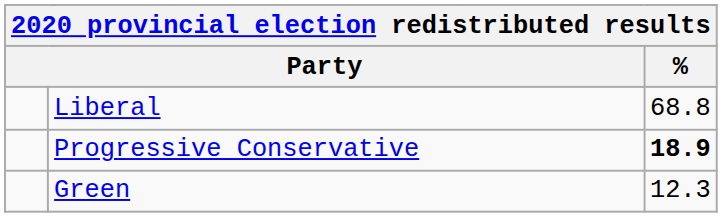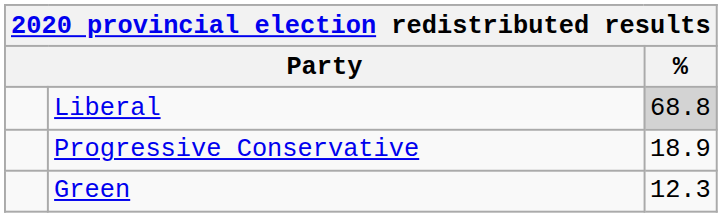 <table class="wikitable">
 <tr>
 <th colspan="4"><a href='#'>2020 provincial election</a> redistributed results</th>
 </tr>
 <tr>
 <th bgcolor="#DDDDFF" width="130px" colspan="2">Party</th>
 <th bgcolor="#DDDDFF" width="30px">%</th>
 </tr>
 <tr>
 <td> </td>
 <td><a href='#'>Liberal</a></td>
-<td align=right>68.8</td>
+<td align=right style="background: lightgrey;">68.8</td>
 </tr>
 <tr>
 <td> </td>
 <td><a href='#'>Progressive Conservative</a></td>
-<td align=right><strong>18.9</strong></td>
+<td align=right>18.9</td>
 </tr>
 <tr>
 <td> </td>
 <td><a href='#'>Green</a></td>
 <td align=right>12.3</td>
 </tr>
 </table>
